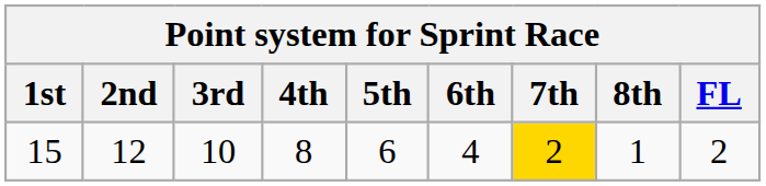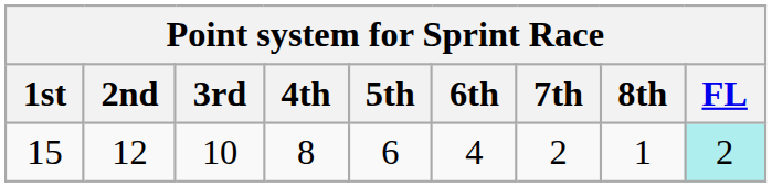 <table class="wikitable" style="font-size:95%; text-align:center">
 <tr>
 <th colspan="9">Point system for Sprint Race</th>
 </tr>
 <tr>
 <th> 1st </th>
 <th> 2nd </th>
 <th> 3rd </th>
 <th> 4th </th>
 <th> 5th </th>
 <th> 6th </th>
 <th> 7th </th>
 <th> 8th </th>
 <th> <strong><a href='#'>FL</a></strong> </th>
 </tr>
 <tr>
 <td>15</td>
 <td>12</td>
 <td>10</td>
 <td>8</td>
 <td>6</td>
 <td>4</td>
-<td style="background: gold;">2</td>
+<td>2</td>
 <td>1</td>
-<td>2</td>
+<td style="background: paleturquoise;">2</td>
 </tr>
 </table>
